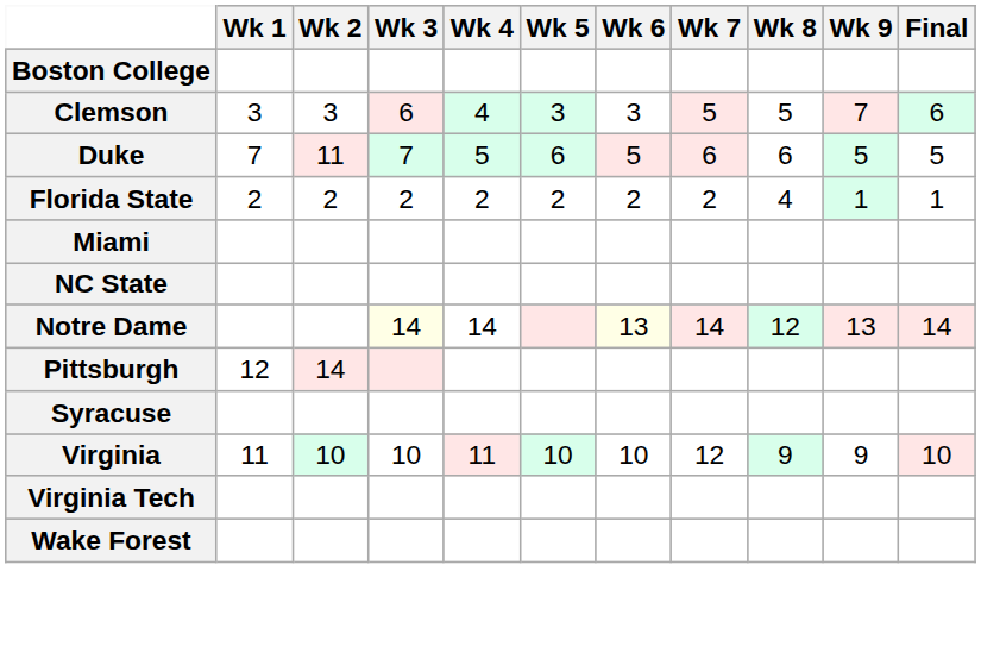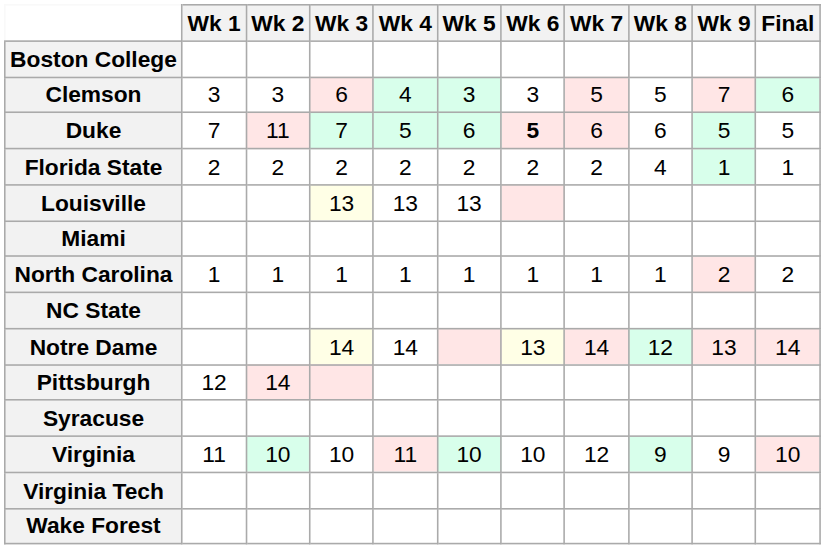 <table class="wikitable" style="white-space:nowrap;font-size:90%;">
 <tr>
 <th colspan=1 style="background:white; border-top-style:hidden; border-left-style:hidden;"> </th>
 <th>Wk 1 <br></th>
 <th>Wk 2 <br></th>
 <th>Wk 3 <br></th>
 <th>Wk 4 <br></th>
 <th>Wk 5 <br></th>
 <th>Wk 6 <br></th>
 <th>Wk 7 <br></th>
 <th>Wk 8 <br></th>
 <th>Wk 9 <br></th>
 <th>Final <br></th>
 </tr>
 <tr style="text-align:center;">
 <th>Boston College</th>
 <td style="background:#FFF;"></td>
 <td style="background:#FFF;"></td>
 <td style="background:#FFF;"></td>
 <td style="background:#FFF;"></td>
 <td style="background:#FFF;"></td>
 <td style="background:#FFF;"></td>
 <td style="background:#FFF;"></td>
 <td style="background:#FFF;"></td>
 <td style="background:#FFF;"></td>
 <td style="background:#FFF;"></td>
 </tr>
 <tr style="text-align:center;">
 <th>Clemson</th>
 <td style="background:#FFF;"> 3</td>
 <td style="background:#FFF;"> 3</td>
 <td style="background:#FFE6E6;"> 6</td>
 <td style="background:#D8FFEB;"> 4</td>
 <td style="background:#D8FFEB;"> 3</td>
 <td style="background:#FFF;"> 3</td>
 <td style="background:#FFE6E6;"> 5</td>
 <td style="background:#FFF;"> 5</td>
 <td style="background:#FFE6E6;"> 7</td>
 <td style="background:#D8FFEB;"> 6</td>
 </tr>
 <tr style="text-align:center;">
 <th>Duke</th>
 <td style="background:#FFF;"> 7</td>
 <td style="background:#FFE6E6;"> 11</td>
 <td style="background:#D8FFEB;"> 7</td>
 <td style="background:#D8FFEB;"> 5</td>
 <td style="background:#D8FFEB;"> 6</td>
-<td style="background:#FFE6E6;"> 5</td>
+<td style="background:#FFE6E6;"><strong> 5</strong></td>
 <td style="background:#FFE6E6;"> 6</td>
 <td style="background:#FFF;"> 6</td>
 <td style="background:#D8FFEB;"> 5</td>
 <td style="background:#FFF;"> 5</td>
 </tr>
 <tr style="text-align:center;">
 <th>Florida State</th>
 <td style="background:#FFF;"> 2</td>
 <td style="background:#FFF;"> 2</td>
 <td style="background:#FFF;"> 2</td>
 <td style="background:#FFF;"> 2</td>
 <td style="background:#FFF;"> 2</td>
 <td style="background:#FFF;"> 2</td>
 <td style="background:#FFF;"> 2</td>
 <td style="background:#FFF;"> 4</td>
 <td style="background:#D8FFEB;"> 1</td>
 <td style="background:#FFF;"> 1</td>
 </tr>
 <tr style="text-align:center;">
+<th>Louisville</th>
+<td style="background:#FFF;"></td>
+<td style="background:#FFF;"></td>
+<td style="background:#FFFFE6;"> 13</td>
+<td style="background:#FFF;"> 13</td>
+<td style="background:#FFF;"> 13</td>
+<td style="background:#FFE6E6;"></td>
+<td style="background:#FFF;"></td>
+<td style="background:#FFF;"></td>
+<td style="background:#FFF;"></td>
+<td style="background:#FFF;"></td>
+</tr>
+<tr style="text-align:center;">
 <th>Miami</th>
 <td style="background:#FFF;"></td>
 <td style="background:#FFF;"></td>
 <td style="background:#FFF;"></td>
 <td style="background:#FFF;"></td>
 <td style="background:#FFF;"></td>
 <td style="background:#FFF;"></td>
 <td style="background:#FFF;"></td>
 <td style="background:#FFF;"></td>
 <td style="background:#FFF;"></td>
 <td style="background:#FFF;"></td>
+</tr>
+<tr style="text-align:center;">
+<th>North Carolina</th>
+<td style="background:#FFF;"> 1</td>
+<td style="background:#FFF;"> 1</td>
+<td style="background:#FFF;"> 1</td>
+<td style="background:#FFF;"> 1</td>
+<td style="background:#FFF;"> 1</td>
+<td style="background:#FFF;"> 1</td>
+<td style="background:#FFF;"> 1</td>
+<td style="background:#FFF;"> 1</td>
+<td style="background:#FFE6E6;"> 2</td>
+<td style="background:#FFF;"> 2</td>
 </tr>
 <tr style="text-align:center;">
 <th>NC State</th>
 <td style="background:#FFF;"></td>
 <td style="background:#FFF;"></td>
 <td style="background:#FFF;"></td>
 <td style="background:#FFF;"></td>
 <td style="background:#FFF;"></td>
 <td style="background:#FFF;"></td>
 <td style="background:#FFF;"></td>
 <td style="background:#FFF;"></td>
 <td style="background:#FFF;"></td>
 <td style="background:#FFF;"></td>
 </tr>
 <tr style="text-align:center;">
 <th>Notre Dame</th>
 <td style="background:#FFF;"></td>
 <td style="background:#FFF;"></td>
 <td style="background:#FFFFE6;"> 14</td>
 <td style="background:#FFF;"> 14</td>
 <td style="background:#FFE6E6;"></td>
 <td style="background:#FFFFE6;"> 13</td>
 <td style="background:#FFE6E6;"> 14</td>
 <td style="background:#D8FFEB;"> 12</td>
 <td style="background:#FFE6E6;"> 13</td>
 <td style="background:#FFE6E6;"> 14</td>
 </tr>
 <tr style="text-align:center;">
 <th>Pittsburgh</th>
 <td style="background:#FFF;"> 12</td>
 <td style="background:#FFE6E6;"> 14</td>
 <td style="background:#FFE6E6;"></td>
 <td style="background:#FFF;"></td>
 <td style="background:#FFF;"></td>
 <td style="background:#FFF;"></td>
 <td style="background:#FFF;"></td>
 <td style="background:#FFF;"></td>
 <td style="background:#FFF;"></td>
 <td style="background:#FFF;"></td>
 </tr>
 <tr style="text-align:center;">
 <th>Syracuse</th>
 <td style="background:#FFF;"></td>
 <td style="background:#FFF;"></td>
 <td style="background:#FFF;"></td>
 <td style="background:#FFF;"></td>
 <td style="background:#FFF;"></td>
 <td style="background:#FFF;"></td>
 <td style="background:#FFF;"></td>
 <td style="background:#FFF;"></td>
 <td style="background:#FFF;"></td>
 <td style="background:#FFF;"></td>
 </tr>
 <tr style="text-align:center;">
 <th>Virginia</th>
 <td style="background:#FFF;"> 11</td>
 <td style="background:#D8FFEB;"> 10</td>
 <td style="background:#FFF;"> 10</td>
 <td style="background:#FFE6E6;"> 11</td>
 <td style="background:#D8FFEB;"> 10</td>
 <td style="background:#FFF;"> 10</td>
 <td style="background:#FFF;"> 12</td>
 <td style="background:#D8FFEB;"> 9</td>
 <td style="background:#FFF;"> 9</td>
 <td style="background:#FFE6E6;"> 10</td>
 </tr>
 <tr style="text-align:center;">
 <th>Virginia Tech</th>
 <td style="background:#FFF;"></td>
 <td style="background:#FFF;"></td>
 <td style="background:#FFF;"></td>
 <td style="background:#FFF;"></td>
 <td style="background:#FFF;"></td>
 <td style="background:#FFF;"></td>
 <td style="background:#FFF;"></td>
 <td style="background:#FFF;"></td>
 <td style="background:#FFF;"></td>
 <td style="background:#FFF;"></td>
 </tr>
 <tr style="text-align:center;">
 <th>Wake Forest</th>
 <td style="background:#FFF;"></td>
 <td style="background:#FFF;"></td>
 <td style="background:#FFF;"></td>
 <td style="background:#FFF;"></td>
 <td style="background:#FFF;"></td>
 <td style="background:#FFF;"></td>
 <td style="background:#FFF;"></td>
 <td style="background:#FFF;"></td>
 <td style="background:#FFF;"></td>
 <td style="background:#FFF;"></td>
 </tr>
 </table>
